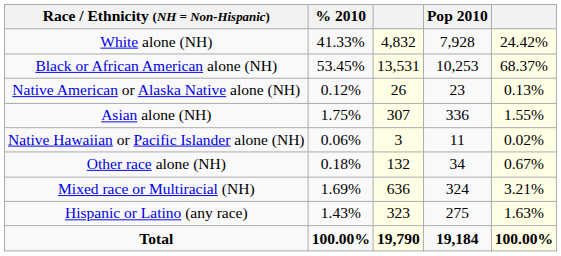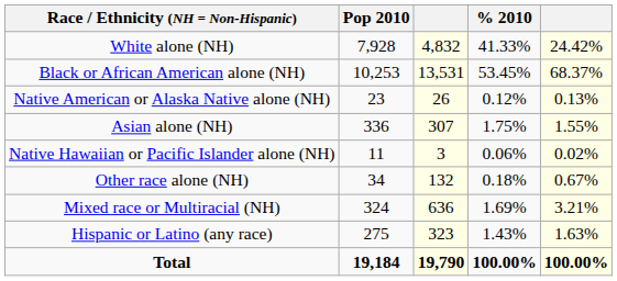 <table class="wikitable" style="text-align:center;">
 <tr>
 <th>Race / Ethnicity <small>(<em>NH = Non-Hispanic</em>)</small></th>
+<th>Pop 2010</th>
+<th></th>
 <th>% 2010</th>
-<th></th>
-<th>Pop 2010</th>
 <th></th>
 </tr>
 <tr>
 <td><a href='#'>White</a> alone (NH)</td>
+<td>7,928</td>
+<td style='background: #ffffe6;'>4,832</td>
 <td>41.33%</td>
-<td style='background: #ffffe6;'>4,832</td>
-<td>7,928</td>
 <td style='background: #ffffe6;'>24.42%</td>
 </tr>
 <tr>
 <td><a href='#'>Black or African American</a> alone (NH)</td>
+<td>10,253</td>
+<td style='background: #ffffe6;'>13,531</td>
 <td>53.45%</td>
-<td style='background: #ffffe6;'>13,531</td>
-<td>10,253</td>
 <td style='background: #ffffe6;'>68.37%</td>
 </tr>
 <tr>
 <td><a href='#'>Native American</a> or <a href='#'>Alaska Native</a> alone (NH)</td>
+<td>23</td>
+<td style='background: #ffffe6;'>26</td>
 <td>0.12%</td>
-<td style='background: #ffffe6;'>26</td>
-<td>23</td>
 <td style='background: #ffffe6;'>0.13%</td>
 </tr>
 <tr>
 <td><a href='#'>Asian</a> alone (NH)</td>
+<td>336</td>
+<td style='background: #ffffe6;'>307</td>
 <td>1.75%</td>
-<td style='background: #ffffe6;'>307</td>
-<td>336</td>
 <td style='background: #ffffe6;'>1.55%</td>
 </tr>
 <tr>
 <td><a href='#'>Native Hawaiian</a> or <a href='#'>Pacific Islander</a> alone (NH)</td>
+<td>11</td>
+<td style='background: #ffffe6;'>3</td>
 <td>0.06%</td>
-<td style='background: #ffffe6;'>3</td>
-<td>11</td>
 <td style='background: #ffffe6;'>0.02%</td>
 </tr>
 <tr>
 <td><a href='#'>Other race</a> alone (NH)</td>
+<td>34</td>
+<td style='background: #ffffe6;'>132</td>
 <td>0.18%</td>
-<td style='background: #ffffe6;'>132</td>
-<td>34</td>
 <td style='background: #ffffe6;'>0.67%</td>
 </tr>
 <tr>
 <td><a href='#'>Mixed race or Multiracial</a> (NH)</td>
+<td>324</td>
+<td style='background: #ffffe6;'>636</td>
 <td>1.69%</td>
-<td style='background: #ffffe6;'>636</td>
-<td>324</td>
 <td style='background: #ffffe6;'>3.21%</td>
 </tr>
 <tr>
 <td><a href='#'>Hispanic or Latino</a> (any race)</td>
+<td>275</td>
+<td style='background: #ffffe6;'>323</td>
 <td>1.43%</td>
-<td style='background: #ffffe6;'>323</td>
-<td>275</td>
 <td style='background: #ffffe6;'>1.63%</td>
 </tr>
 <tr>
 <td><strong>Total</strong></td>
+<td><strong>19,184</strong></td>
+<td style='background: #ffffe6;'><strong>19,790</strong></td>
 <td><strong>100.00%</strong></td>
-<td style='background: #ffffe6;'><strong>19,790</strong></td>
-<td><strong>19,184</strong></td>
 <td style='background: #ffffe6;'><strong>100.00%</strong></td>
 </tr>
 </table>
